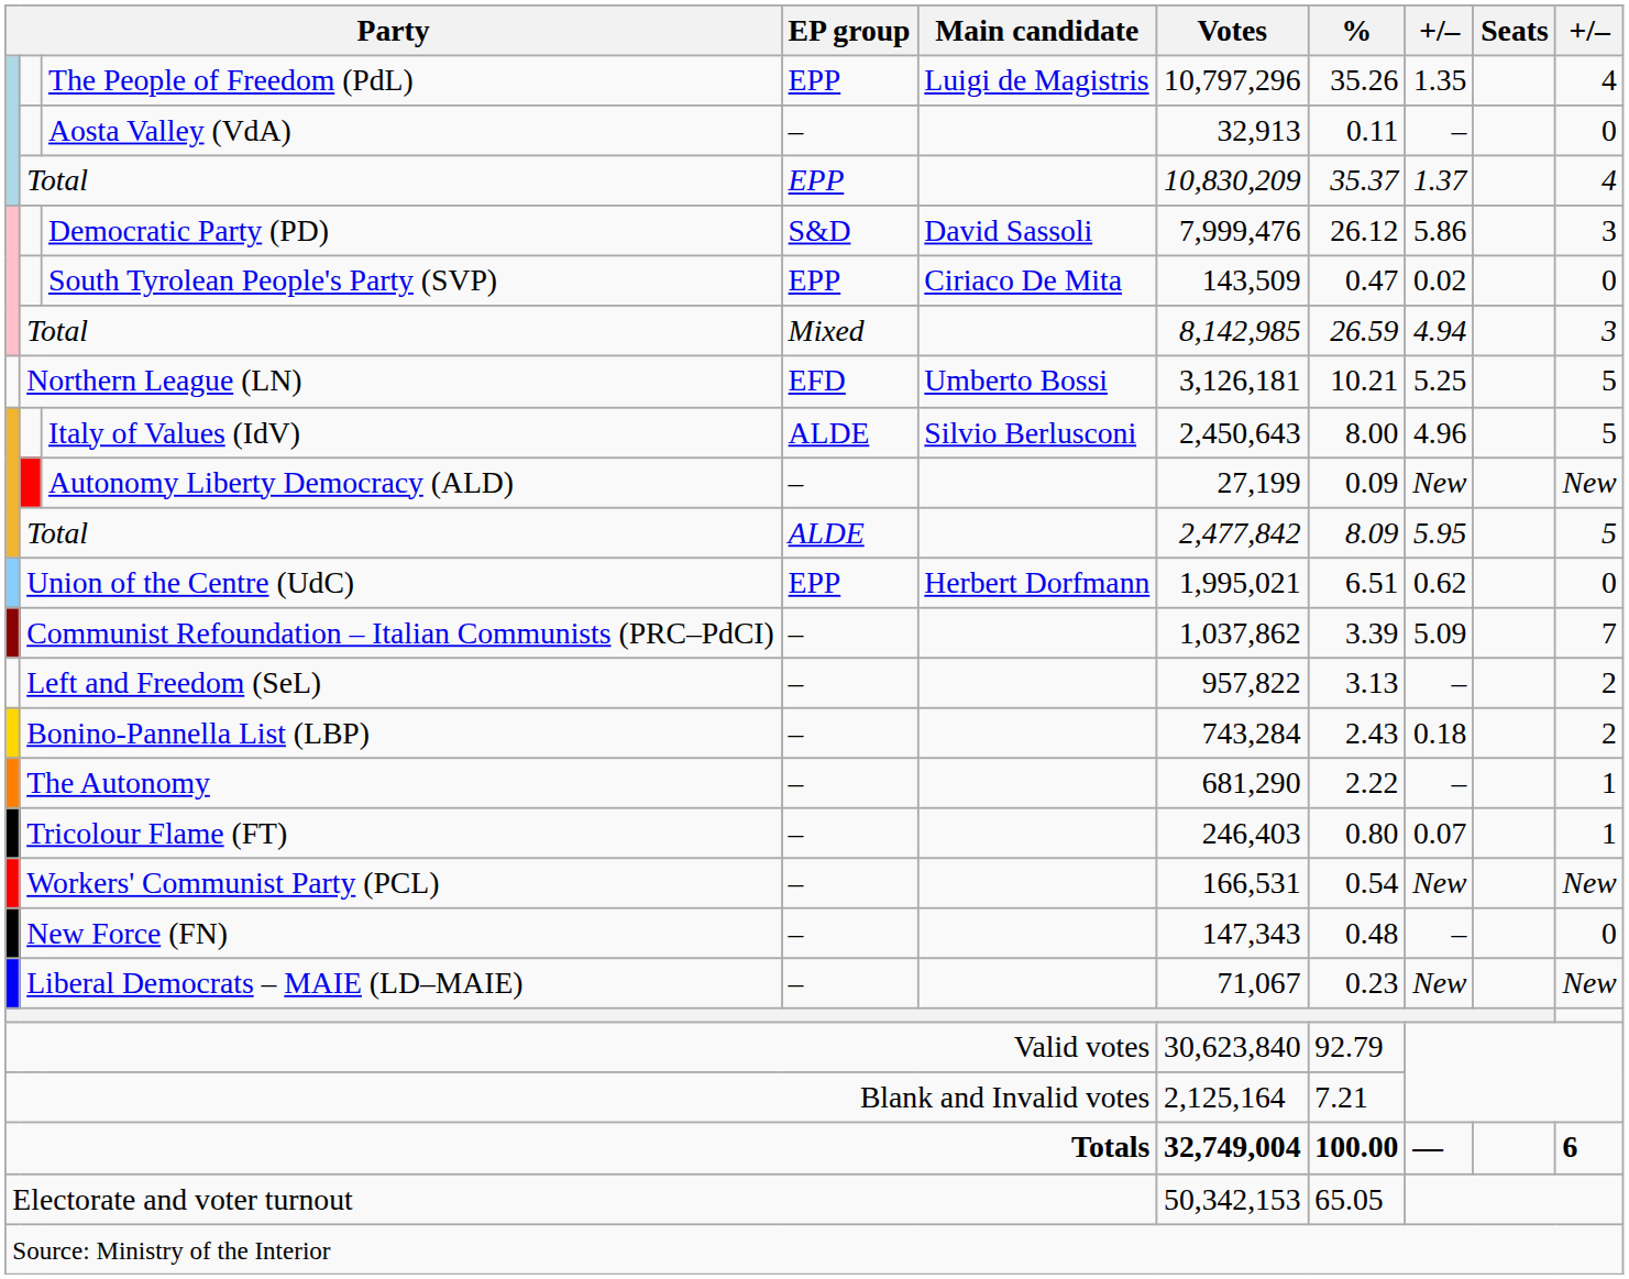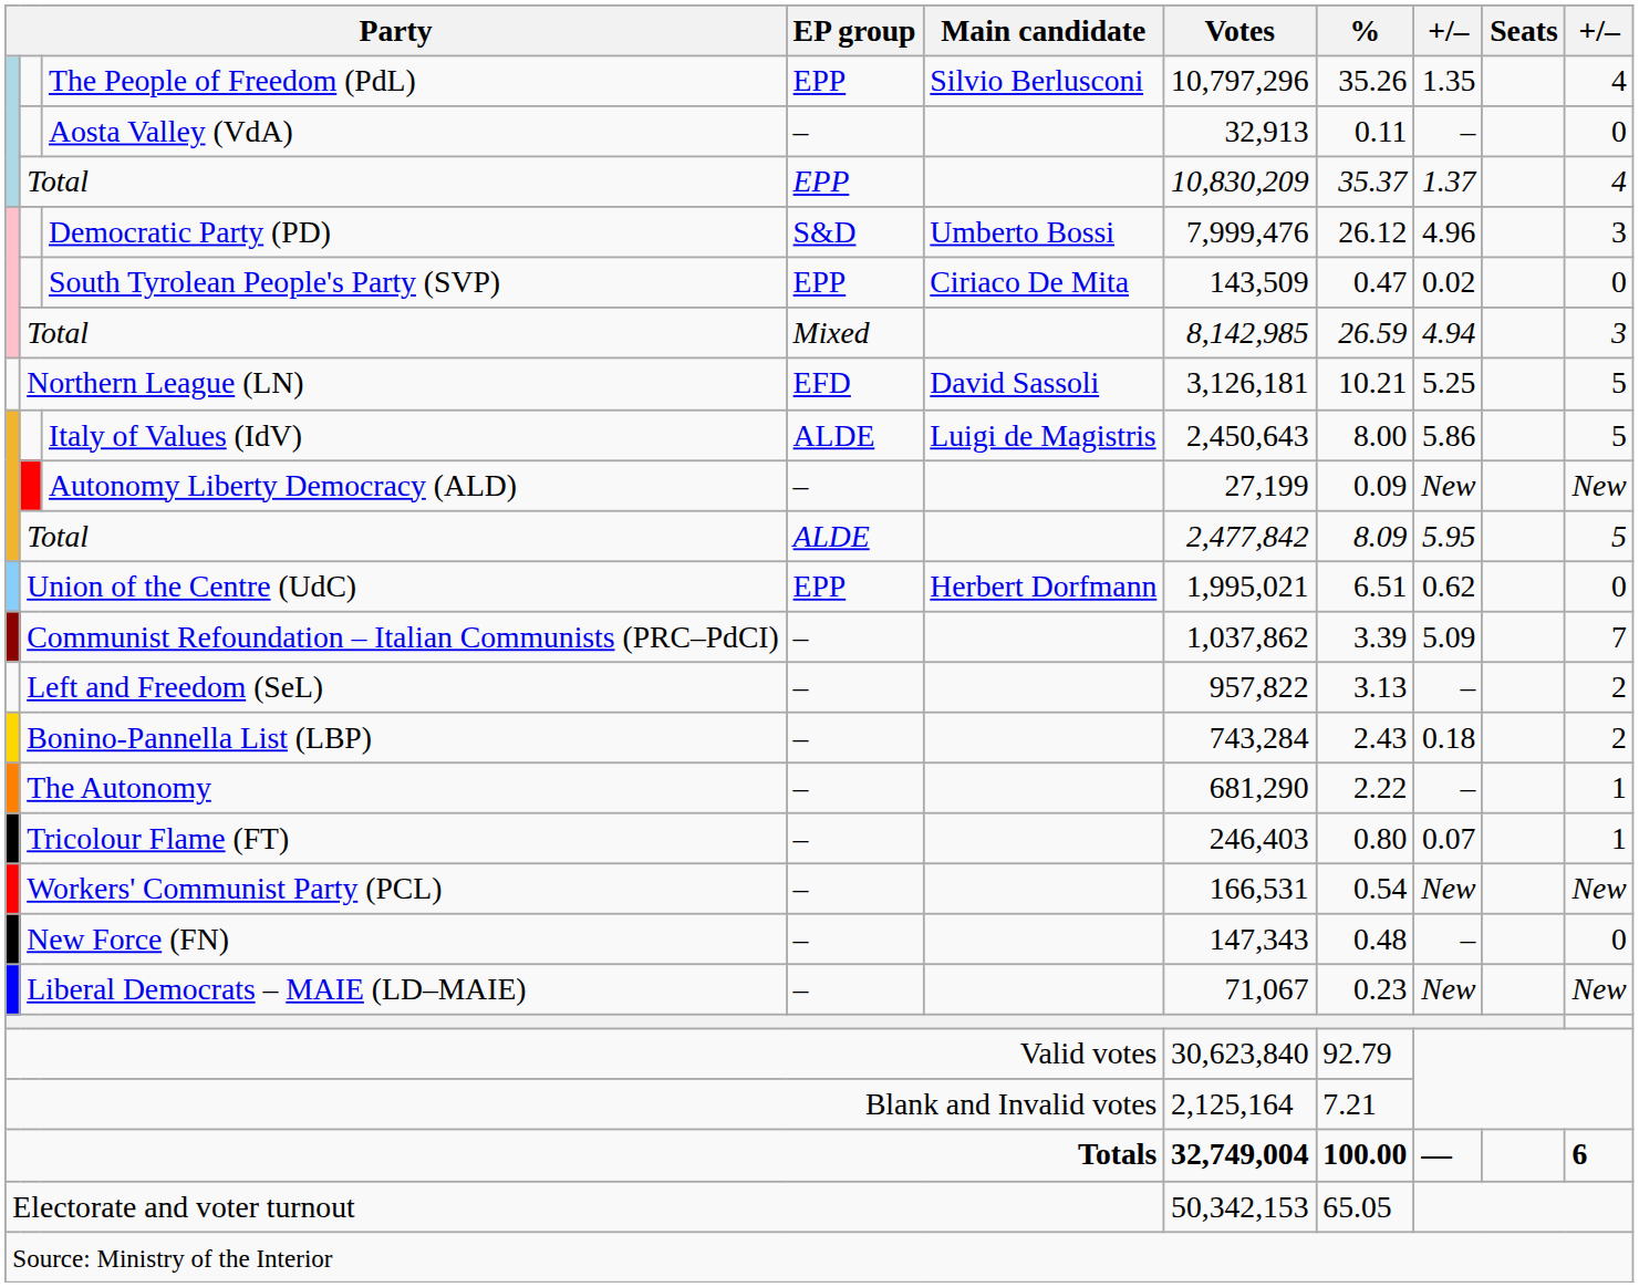 <table class="wikitable" style="font-size:95%">
 <tr>
 <th colspan="3">Party</th>
 <th>EP group</th>
 <th>Main candidate</th>
 <th>Votes</th>
 <th>%</th>
 <th>+/–</th>
 <th>Seats</th>
 <th>+/–</th>
 </tr>
 <tr>
 <td rowspan=3 style="background-color:lightblue"></td>
 <td style="background-color:"></td>
 <td align="left"><a href='#'>The People of Freedom</a> (PdL)</td>
 <td align="left"><a href='#'>EPP</a></td>
-<td align="left"><a href='#'>Luigi de Magistris</a></td>
+<td align="left"><a href='#'>Silvio Berlusconi</a></td>
 <td align="right">10,797,296</td>
 <td align="right">35.26</td>
 <td align="right">1.35 </td>
 <td align="left"></td>
 <td align="right">4 </td>
 </tr>
 <tr>
 <td style="background-color:"></td>
 <td align="left"><a href='#'>Aosta Valley</a> (VdA)</td>
 <td align="left">–</td>
 <td align="left"></td>
 <td align="right">32,913</td>
 <td align="right">0.11</td>
 <td align="right">–</td>
 <td align="left"></td>
 <td align="right">0 </td>
 </tr>
 <tr>
 <td align=left colspan=2><em>Total</em></td>
 <td align=left><em><a href='#'>EPP</a></em></td>
 <td align="left"></td>
 <td align="right"><em>10,830,209</em></td>
 <td align="right"><em>35.37</em></td>
 <td align="right"><em>1.37</em> </td>
 <td align="left"></td>
 <td align="right"><em>4</em> </td>
 </tr>
 <tr>
 <td rowspan=3 style="background-color:pink"></td>
 <td style="background-color:"></td>
 <td align="left"><a href='#'>Democratic Party</a> (PD)</td>
 <td align="left"><a href='#'>S&D</a></td>
-<td align="left"><a href='#'>David Sassoli</a></td>
+<td align="left"><a href='#'>Umberto Bossi</a></td>
 <td align="right">7,999,476</td>
 <td align="right">26.12</td>
-<td align="right">5.86 </td>
+<td align="right">4.96 </td>
 <td align="left"></td>
 <td align="right">3 </td>
 </tr>
 <tr>
 <td style="background-color:"></td>
 <td align="left"><a href='#'>South Tyrolean People's Party</a> (SVP)</td>
 <td align="left"><a href='#'>EPP</a></td>
 <td align="left"><a href='#'>Ciriaco De Mita</a></td>
 <td align="right">143,509</td>
 <td align="right">0.47</td>
 <td align="right">0.02 </td>
 <td align="left"></td>
 <td align="right">0 </td>
 </tr>
 <tr>
 <td align=left colspan=2><em>Total</em></td>
 <td align=left><em>Mixed</em></td>
 <td align="left"></td>
 <td align="right"><em>8,142,985</em></td>
 <td align="right"><em>26.59</em></td>
 <td align="right"><em>4.94</em> </td>
 <td align="left"></td>
 <td align="right"><em>3</em> </td>
 </tr>
 <tr>
 <td style="background-color:"></td>
 <td colspan="2" align="left"><a href='#'>Northern League</a> (LN)</td>
 <td align="left"><a href='#'>EFD</a></td>
-<td align="left"><a href='#'>Umberto Bossi</a></td>
+<td align="left"><a href='#'>David Sassoli</a></td>
 <td align="right">3,126,181</td>
 <td align="right">10.21</td>
 <td align="right">5.25 </td>
 <td align="left"></td>
 <td align="right">5 </td>
 </tr>
 <tr>
 <td rowspan=3 style="background-color:#F1B42F"></td>
 <td style="background-color:"></td>
 <td align="left"><a href='#'>Italy of Values</a> (IdV)</td>
 <td align="left"><a href='#'>ALDE</a></td>
-<td align="left"><a href='#'>Silvio Berlusconi</a></td>
+<td align="left"><a href='#'>Luigi de Magistris</a></td>
 <td align="right">2,450,643</td>
 <td align="right">8.00</td>
-<td align="right">4.96 </td>
+<td align="right">5.86 </td>
 <td align="left"></td>
 <td align="right">5 </td>
 </tr>
 <tr>
 <td style="background-color:red"></td>
 <td align="left"><a href='#'>Autonomy Liberty Democracy</a> (ALD)</td>
 <td align="left">–</td>
 <td align="left"></td>
 <td align="right">27,199</td>
 <td align="right">0.09</td>
 <td align="right"><em>New</em></td>
 <td align="left"></td>
 <td align="right"><em>New</em></td>
 </tr>
 <tr>
 <td align=left colspan=2><em>Total</em></td>
 <td align=left><em><a href='#'>ALDE</a></em></td>
 <td align="left"></td>
 <td align="right"><em>2,477,842</em></td>
 <td align="right"><em>8.09</em></td>
 <td align="right"><em>5.95</em> </td>
 <td align="left"></td>
 <td align="right"><em>5</em> </td>
 </tr>
 <tr>
 <td style="background-color:lightskyblue"></td>
 <td colspan="2" align="left"><a href='#'>Union of the Centre</a> (UdC)</td>
 <td align="left"><a href='#'>EPP</a></td>
 <td align="left"><a href='#'>Herbert Dorfmann</a></td>
 <td align="right">1,995,021</td>
 <td align="right">6.51</td>
 <td align="right">0.62 </td>
 <td align="left"></td>
 <td align="right">0 </td>
 </tr>
 <tr>
 <td style="background-color: darkred"></td>
 <td colspan="2" align="left"><a href='#'>Communist Refoundation  – Italian Communists</a> (PRC–PdCI)</td>
 <td align="left">–</td>
 <td align="left"></td>
 <td align="right">1,037,862</td>
 <td align="right">3.39</td>
 <td align="right">5.09 </td>
 <td align="left"></td>
 <td align="right">7 </td>
 </tr>
 <tr>
 <td style="background-color:"></td>
 <td colspan="2" align="left"><a href='#'>Left and Freedom</a> (SeL)</td>
 <td align="left">–</td>
 <td align="left"></td>
 <td align="right">957,822</td>
 <td align="right">3.13</td>
 <td align="right">–</td>
 <td align="left"></td>
 <td align="right">2 </td>
 </tr>
 <tr>
 <td style="background-color:gold"></td>
 <td colspan="2" align="left"><a href='#'>Bonino-Pannella List</a> (LBP)</td>
 <td align="left">–</td>
 <td align="left"></td>
 <td align="right">743,284</td>
 <td align="right">2.43</td>
 <td align="right">0.18 </td>
 <td align="left"></td>
 <td align="right">2 </td>
 </tr>
 <tr>
 <td style="background-color:#FF8000"></td>
 <td colspan="2" align="left"><a href='#'>The Autonomy</a></td>
 <td align="left">–</td>
 <td align="left"></td>
 <td align="right">681,290</td>
 <td align="right">2.22</td>
 <td align="right">–</td>
 <td align="left"></td>
 <td align="right">1 </td>
 </tr>
 <tr>
 <td style="background-color:black"></td>
 <td colspan="2" align="left"><a href='#'>Tricolour Flame</a> (FT)</td>
 <td align="left">–</td>
 <td align="left"></td>
 <td align="right">246,403</td>
 <td align="right">0.80</td>
 <td align="right">0.07 </td>
 <td align="left"></td>
 <td align="right">1 </td>
 </tr>
 <tr>
 <td style="background-color:red"></td>
 <td colspan="2" align="left"><a href='#'>Workers' Communist Party</a> (PCL)</td>
 <td align="left">–</td>
 <td align="left"></td>
 <td align="right">166,531</td>
 <td align="right">0.54</td>
 <td align="right"><em>New</em></td>
 <td align="left"></td>
 <td align="right"><em>New</em></td>
 </tr>
 <tr>
 <td style="background-color:black"></td>
 <td colspan="2" align="left"><a href='#'>New Force</a> (FN)</td>
 <td align="left">–</td>
 <td align="left"></td>
 <td align="right">147,343</td>
 <td align="right">0.48</td>
 <td align="right">–</td>
 <td align="left"></td>
 <td align="right">0 </td>
 </tr>
 <tr>
 <td style="background-color:blue"></td>
 <td colspan="2" align="left"><a href='#'>Liberal Democrats</a> – <a href='#'>MAIE</a> (LD–MAIE)</td>
 <td align="left">–</td>
 <td align="left"></td>
 <td align="right">71,067</td>
 <td align="right">0.23</td>
 <td align="right"><em>New</em></td>
 <td align="left"></td>
 <td align="right"><em>New</em></td>
 </tr>
 <tr>
 <th colspan=9></th>
 </tr>
 <tr>
 <td align="right" colspan="5">Valid votes</td>
 <td>30,623,840</td>
 <td>92.79</td>
 <td colspan="3" rowspan="2"></td>
 </tr>
 <tr>
 <td align="right" colspan="5">Blank and Invalid votes</td>
 <td>2,125,164</td>
 <td>7.21</td>
 </tr>
 <tr>
 <td align="right" colspan="5"><strong>Totals</strong></td>
 <td><strong>32,749,004</strong></td>
 <td><strong>100.00</strong></td>
 <td><strong>—</strong></td>
 <td><strong></strong></td>
 <td><strong>6 </strong></td>
 </tr>
 <tr>
 <td colspan="5">Electorate and voter turnout</td>
 <td>50,342,153</td>
 <td>65.05</td>
 <td colspan="3"></td>
 </tr>
 <tr>
 <td align="left" colspan="10"><small>Source: Ministry of the Interior</small></td>
 </tr>
 <tr>
 </tr>
 </table>
